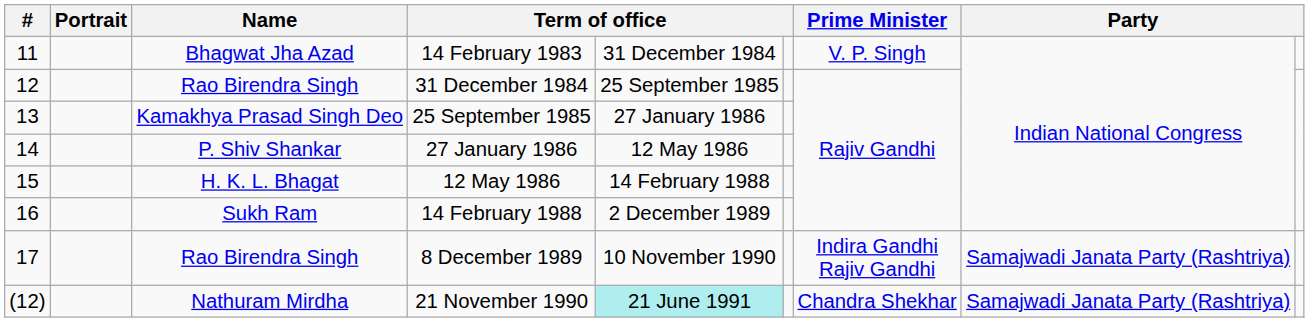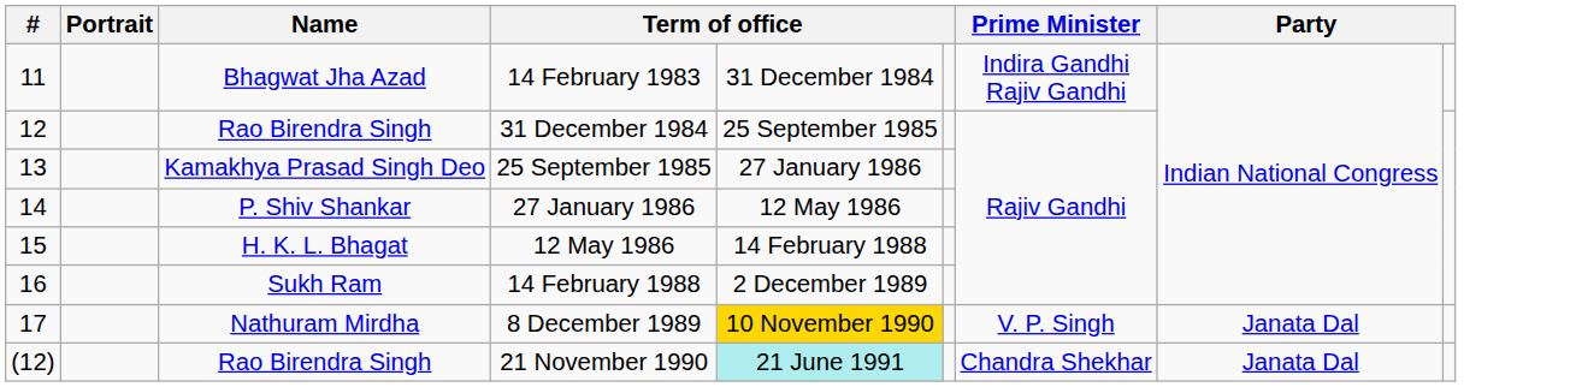 <table class="wikitable" style="text-align:center">
 <tr>
 <th>#</th>
 <th>Portrait</th>
 <th>Name</th>
 <th colspan="3">Term of office</th>
 <th><a href='#'>Prime Minister</a></th>
 <th colspan="2">Party</th>
 </tr>
 <tr>
 <td>11</td>
 <td></td>
 <td><a href='#'>Bhagwat Jha Azad</a></td>
 <td>14 February 1983</td>
 <td>31 December 1984</td>
 <td></td>
-<td><a href='#'>V. P. Singh</a></td>
+<td><a href='#'>Indira Gandhi</a><br><a href='#'>Rajiv Gandhi</a></td>
 <td rowspan="6"><a href='#'>Indian National Congress</a></td>
 <td></td>
 </tr>
 <tr>
 <td>12</td>
 <td></td>
 <td><a href='#'>Rao Birendra Singh</a></td>
 <td>31 December 1984</td>
 <td>25 September 1985</td>
 <td></td>
 <td rowspan="5"><a href='#'>Rajiv Gandhi</a></td>
 </tr>
 <tr>
 <td>13</td>
 <td></td>
 <td><a href='#'>Kamakhya Prasad Singh Deo</a></td>
 <td>25 September 1985</td>
 <td>27 January 1986</td>
 <td></td>
 </tr>
 <tr>
 <td>14</td>
 <td></td>
 <td><a href='#'>P. Shiv Shankar</a></td>
 <td>27 January 1986</td>
 <td>12 May 1986</td>
 <td></td>
 </tr>
 <tr>
 <td>15</td>
 <td></td>
 <td><a href='#'>H. K. L. Bhagat</a></td>
 <td>12 May 1986</td>
 <td>14 February 1988</td>
 <td></td>
 </tr>
 <tr>
 <td>16</td>
 <td></td>
 <td><a href='#'>Sukh Ram</a></td>
 <td>14 February 1988</td>
 <td>2 December 1989</td>
 <td></td>
 </tr>
 <tr>
 <td>17</td>
 <td></td>
-<td><a href='#'>Rao Birendra Singh</a></td>
+<td><a href='#'>Nathuram Mirdha</a></td>
 <td>8 December 1989</td>
-<td>10 November 1990</td>
+<td style="background: gold;">10 November 1990</td>
 <td></td>
-<td><a href='#'>Indira Gandhi</a><br><a href='#'>Rajiv Gandhi</a></td>
-<td><a href='#'>Samajwadi Janata Party (Rashtriya)</a></td>
+<td><a href='#'>V. P. Singh</a></td>
+<td><a href='#'>Janata Dal</a></td>
 <td></td>
 </tr>
 <tr>
 <td>(12)</td>
 <td></td>
-<td><a href='#'>Nathuram Mirdha</a></td>
+<td><a href='#'>Rao Birendra Singh</a></td>
 <td>21 November 1990</td>
 <td style="background: paleturquoise;">21 June 1991</td>
 <td></td>
 <td><a href='#'>Chandra Shekhar</a></td>
-<td><a href='#'>Samajwadi Janata Party (Rashtriya)</a></td>
+<td><a href='#'>Janata Dal</a></td>
 <td></td>
 </tr>
 </table>
